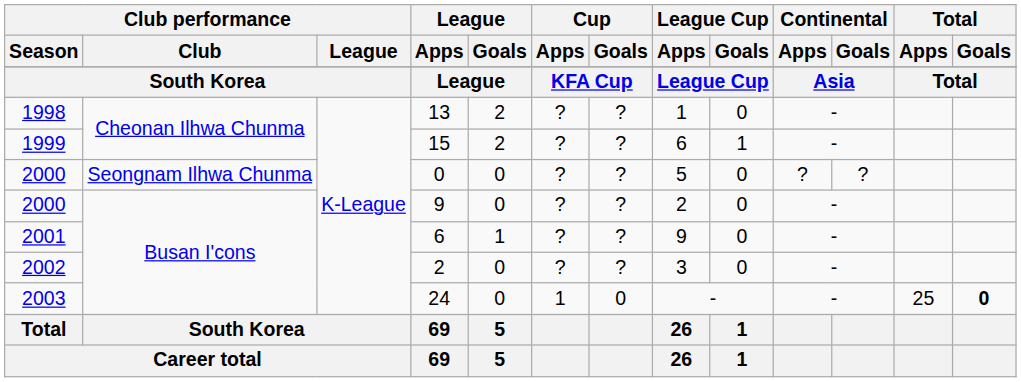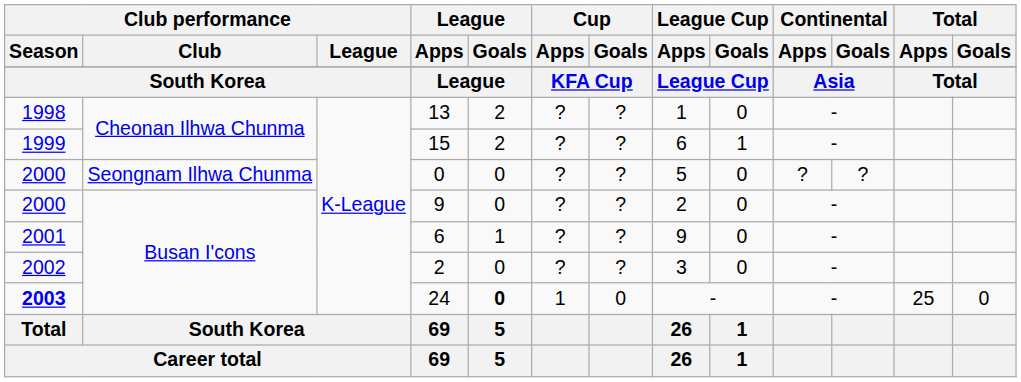 <table class="wikitable" style="text-align:center">
 <tr>
 <th colspan=3>Club performance</th>
 <th colspan=2>League</th>
 <th colspan=2>Cup</th>
 <th colspan=2>League Cup</th>
 <th colspan=2>Continental</th>
 <th colspan=2>Total</th>
 </tr>
 <tr>
 <th>Season</th>
 <th>Club</th>
 <th>League</th>
 <th>Apps</th>
 <th>Goals</th>
 <th>Apps</th>
 <th>Goals</th>
 <th>Apps</th>
 <th>Goals</th>
 <th>Apps</th>
 <th>Goals</th>
 <th>Apps</th>
 <th>Goals</th>
 </tr>
 <tr>
 </tr>
 <tr>
 <th colspan=3>South Korea</th>
 <th colspan=2>League</th>
 <th colspan=2><a href='#'>KFA Cup</a></th>
 <th colspan=2><a href='#'>League Cup</a></th>
 <th colspan=2><a href='#'>Asia</a></th>
 <th colspan=2>Total</th>
 </tr>
 <tr>
 <td><a href='#'>1998</a></td>
 <td rowspan="2"><a href='#'>Cheonan Ilhwa Chunma</a></td>
 <td rowspan="7"><a href='#'>K-League</a></td>
 <td>13</td>
 <td>2</td>
 <td>?</td>
 <td>?</td>
 <td>1</td>
 <td>0</td>
 <td colspan="2">-</td>
 <td></td>
 <td></td>
 </tr>
 <tr>
 <td><a href='#'>1999</a></td>
 <td>15</td>
 <td>2</td>
 <td>?</td>
 <td>?</td>
 <td>6</td>
 <td>1</td>
 <td colspan="2">-</td>
 <td></td>
 <td></td>
 </tr>
 <tr>
 <td><a href='#'>2000</a></td>
 <td><a href='#'>Seongnam Ilhwa Chunma</a></td>
 <td>0</td>
 <td>0</td>
 <td>?</td>
 <td>?</td>
 <td>5</td>
 <td>0</td>
 <td>?</td>
 <td>?</td>
 <td></td>
 <td></td>
 </tr>
 <tr>
 <td><a href='#'>2000</a></td>
 <td rowspan="4"><a href='#'>Busan I'cons</a></td>
 <td>9</td>
 <td>0</td>
 <td>?</td>
 <td>?</td>
 <td>2</td>
 <td>0</td>
 <td colspan="2">-</td>
 <td></td>
 <td></td>
 </tr>
 <tr>
 <td><a href='#'>2001</a></td>
 <td>6</td>
 <td>1</td>
 <td>?</td>
 <td>?</td>
 <td>9</td>
 <td>0</td>
 <td colspan="2">-</td>
 <td></td>
 <td></td>
 </tr>
 <tr>
 <td><a href='#'>2002</a></td>
 <td>2</td>
 <td>0</td>
 <td>?</td>
 <td>?</td>
 <td>3</td>
 <td>0</td>
 <td colspan="2">-</td>
 <td></td>
 <td></td>
 </tr>
 <tr>
-<td><a href='#'>2003</a></td>
+<td><strong><a href='#'>2003</a></strong></td>
 <td>24</td>
-<td>0</td>
+<td><strong>0</strong></td>
 <td>1</td>
 <td>0</td>
 <td colspan="2">-</td>
 <td colspan="2">-</td>
 <td>25</td>
-<td><strong>0</strong></td>
+<td>0</td>
 </tr>
 <tr>
 <th rowspan=1>Total</th>
 <th colspan=2>South Korea</th>
 <th>69</th>
 <th>5</th>
 <th></th>
 <th></th>
 <th>26</th>
 <th>1</th>
 <th></th>
 <th></th>
 <th></th>
 <th></th>
 </tr>
 <tr>
 <th colspan=3>Career total</th>
 <th>69</th>
 <th>5</th>
 <th></th>
 <th></th>
 <th>26</th>
 <th>1</th>
 <th></th>
 <th></th>
 <th></th>
 <th></th>
 </tr>
 </table>
